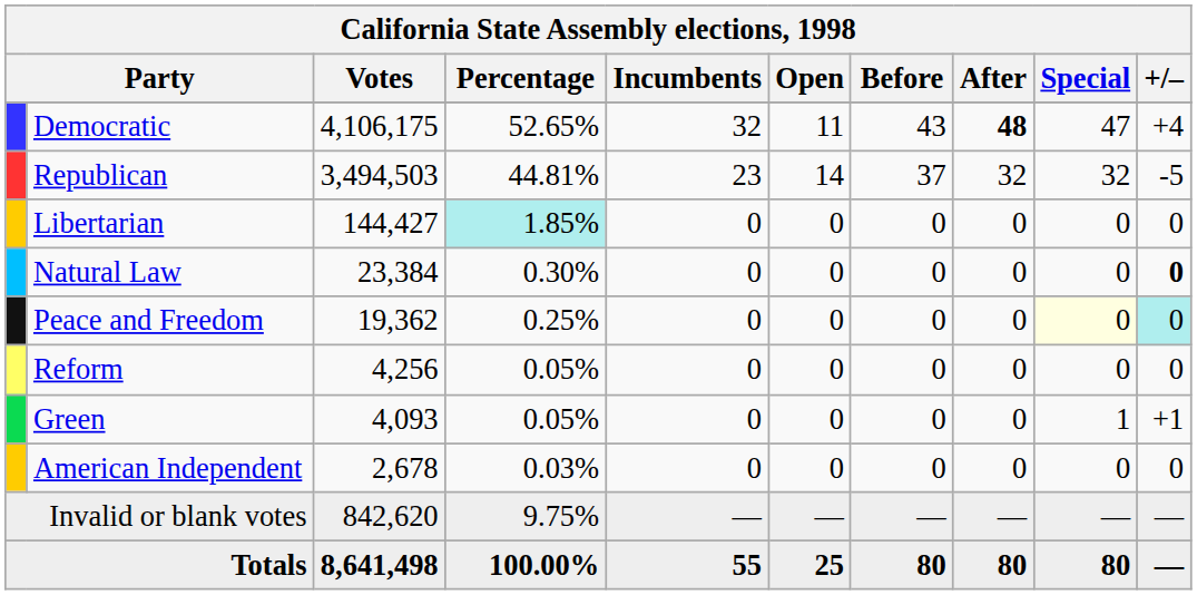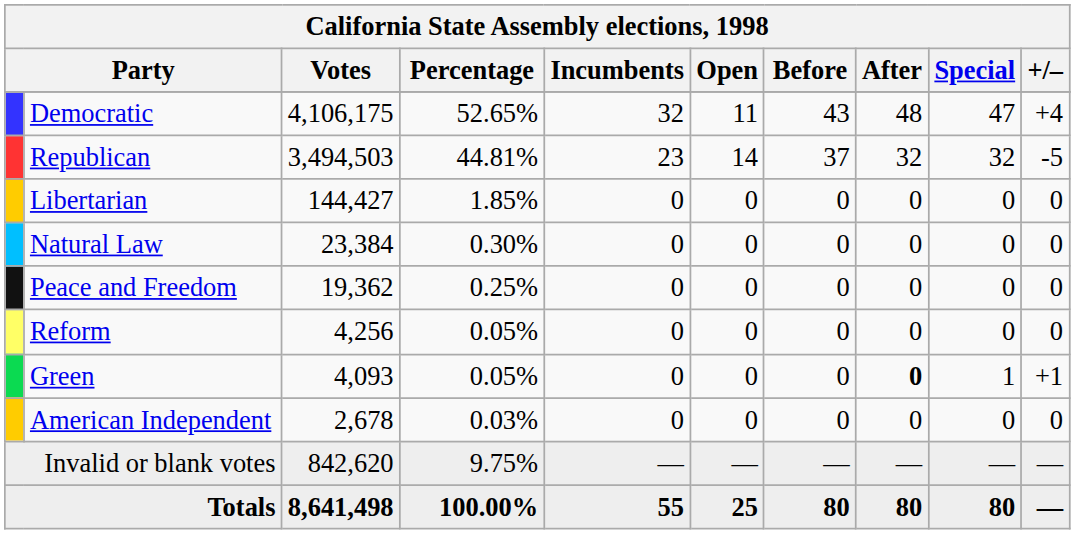 <table class="wikitable" style="font-size:95%;">
 <tr>
 <th colspan="10">California State Assembly elections, 1998</th>
 </tr>
 <tr>
 <th colspan=2 style="width: 10em">Party</th>
 <th style="width: 4em">Votes</th>
 <th style="width: 5em">Percentage</th>
 <th style="width: 5em">Incumbents</th>
 <th style="width: 2em">Open</th>
 <th style="width: 3em">Before</th>
 <th style="width: 2em">After</th>
 <th style="width: 3em"><a href='#'>Special</a></th>
 <th style="width: 1em">+/–</th>
 </tr>
 <tr>
 </tr>
 <tr>
 <th style="background-color:#3333FF; width: 3px"></th>
 <td style="width: 130px"><a href='#'>Democratic</a></td>
 <td align="right">4,106,175</td>
 <td align="right">52.65%</td>
 <td align="right">32</td>
 <td align="right">11</td>
 <td align="right">43</td>
-<td align="right"><strong>48</strong></td>
+<td align="right">48</td>
 <td align="right">47</td>
 <td align="right">+4</td>
 </tr>
 <tr>
 <th style="background-color:#FF3333; width: 3px"></th>
 <td style="width: 130px"><a href='#'>Republican</a></td>
 <td align="right">3,494,503</td>
 <td align="right">44.81%</td>
 <td align="right">23</td>
 <td align="right">14</td>
 <td align="right">37</td>
 <td align="right">32</td>
 <td align="right">32</td>
 <td align="right">-5</td>
 </tr>
 <tr>
 <th style="background-color:#FFCC00; width: 3px"></th>
 <td style="width: 130px"><a href='#'>Libertarian</a></td>
 <td align="right">144,427</td>
-<td align="right" style="background: paleturquoise;">1.85%</td>
+<td align="right">1.85%</td>
 <td align="right">0</td>
 <td align="right">0</td>
 <td align="right">0</td>
 <td align="right">0</td>
 <td align="right">0</td>
 <td align="right">0</td>
 </tr>
 <tr>
 <th style="background-color:#00BFFF; width: 3px"></th>
 <td style="width: 130px"><a href='#'>Natural Law</a></td>
 <td align="right">23,384</td>
 <td align="right">0.30%</td>
 <td align="right">0</td>
 <td align="right">0</td>
 <td align="right">0</td>
 <td align="right">0</td>
 <td align="right">0</td>
-<td align="right"><strong>0</strong></td>
+<td align="right">0</td>
 </tr>
 <tr>
 <th style="background-color:#111111; width: 3px"></th>
 <td style="width: 130px"><a href='#'>Peace and Freedom</a></td>
 <td align="right">19,362</td>
 <td align="right">0.25%</td>
 <td align="right">0</td>
 <td align="right">0</td>
 <td align="right">0</td>
 <td align="right">0</td>
-<td align="right" style="background: lightyellow;">0</td>
-<td align="right" style="background: paleturquoise;">0</td>
+<td align="right">0</td>
+<td align="right">0</td>
 </tr>
 <tr>
 <th style="background-color:#FFFF66; width: 3px"></th>
 <td style="width: 130px"><a href='#'>Reform</a></td>
 <td align="right">4,256</td>
 <td align="right">0.05%</td>
 <td align="right">0</td>
 <td align="right">0</td>
 <td align="right">0</td>
 <td align="right">0</td>
 <td align="right">0</td>
 <td align="right">0</td>
 </tr>
 <tr>
 <th style="background-color:#0BDA51; width: 3px"></th>
 <td style="width: 130px"><a href='#'>Green</a></td>
 <td align="right">4,093</td>
 <td align="right">0.05%</td>
 <td align="right">0</td>
 <td align="right">0</td>
 <td align="right">0</td>
-<td align="right">0</td>
+<td align="right"><strong>0</strong></td>
 <td align="right">1</td>
 <td align="right">+1</td>
 </tr>
 <tr>
 <th style="background-color:#FFCC00; width: 3px"></th>
 <td style="width: 130px"><a href='#'>American Independent</a></td>
 <td align="right">2,678</td>
 <td align="right">0.03%</td>
 <td align="right">0</td>
 <td align="right">0</td>
 <td align="right">0</td>
 <td align="right">0</td>
 <td align="right">0</td>
 <td align="right">0</td>
 </tr>
 <tr bgcolor="#EEEEEE">
 <td colspan="2" align="right">Invalid or blank votes</td>
 <td align="right">842,620</td>
 <td align="right">9.75%</td>
 <td align="right">—</td>
 <td align="right">—</td>
 <td align="right">—</td>
 <td align="right">—</td>
 <td align="right">—</td>
 <td align="right">—</td>
 </tr>
 <tr bgcolor="#EEEEEE">
 <td colspan="2" align="right"><strong>Totals</strong></td>
 <td align="right"><strong>8,641,498</strong></td>
 <td align="right"><strong>100.00%</strong></td>
 <td align="right"><strong>55</strong></td>
 <td align="right"><strong>25</strong></td>
 <td align="right"><strong>80</strong></td>
 <td align="right"><strong>80</strong></td>
 <td align="right"><strong>80</strong></td>
 <td align="right"><strong>—</strong></td>
 </tr>
 </table>
